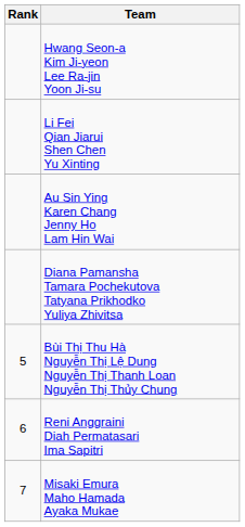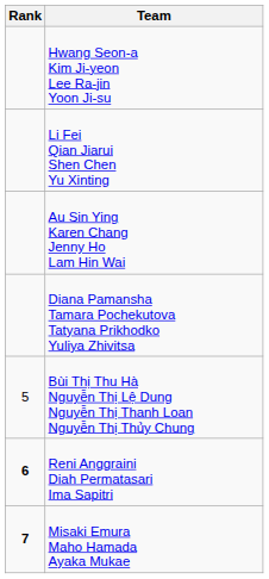 <table class="wikitable" style="text-align: center;">
 <tr>
 <th width=40>Rank</th>
 <th width=250>Team</th>
 </tr>
 <tr>
 <td></td>
 <td align=left><br><a href='#'>Hwang Seon-a</a><br><a href='#'>Kim Ji-yeon</a><br><a href='#'>Lee Ra-jin</a><br><a href='#'>Yoon Ji-su</a></td>
 </tr>
 <tr>
 <td></td>
 <td align=left><br><a href='#'>Li Fei</a><br><a href='#'>Qian Jiarui</a><br><a href='#'>Shen Chen</a><br><a href='#'>Yu Xinting</a></td>
 </tr>
 <tr>
 <td></td>
 <td align=left><br><a href='#'>Au Sin Ying</a><br><a href='#'>Karen Chang</a><br><a href='#'>Jenny Ho</a><br><a href='#'>Lam Hin Wai</a></td>
 </tr>
 <tr>
 <td></td>
 <td align=left><br><a href='#'>Diana Pamansha</a><br><a href='#'>Tamara Pochekutova</a><br><a href='#'>Tatyana Prikhodko</a><br><a href='#'>Yuliya Zhivitsa</a></td>
 </tr>
 <tr>
 <td>5</td>
 <td align=left><br><a href='#'>Bùi Thị Thu Hà</a><br><a href='#'>Nguyễn Thị Lệ Dung</a><br><a href='#'>Nguyễn Thị Thanh Loan</a><br><a href='#'>Nguyễn Thị Thủy Chung</a></td>
 </tr>
 <tr>
-<td>6</td>
+<td><strong>6</strong></td>
 <td align=left><br><a href='#'>Reni Anggraini</a><br><a href='#'>Diah Permatasari</a><br><a href='#'>Ima Sapitri</a></td>
 </tr>
 <tr>
-<td>7</td>
+<td><strong>7</strong></td>
 <td align=left><br><a href='#'>Misaki Emura</a><br><a href='#'>Maho Hamada</a><br><a href='#'>Ayaka Mukae</a></td>
 </tr>
 </table>
